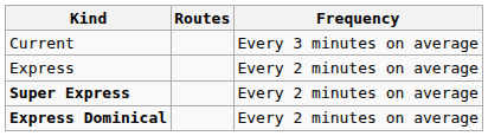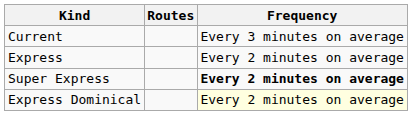 <table class="wikitable" style="margin-left: auto; margin-right: auto; border: none;">
 <tr>
 <th>Kind</th>
 <th>Routes</th>
 <th>Frequency</th>
 </tr>
 <tr>
 <td>Current</td>
 <td>  </td>
 <td>Every 3 minutes on average</td>
 </tr>
 <tr>
 <td>Express</td>
 <td>    </td>
 <td>Every 2 minutes on average</td>
 </tr>
 <tr>
-<td><strong>Super Express</strong></td>
+<td>Super Express</td>
 <td> </td>
-<td>Every 2 minutes on average</td>
+<td><strong>Every 2 minutes on average</strong></td>
 </tr>
 <tr>
-<td><strong>Express Dominical</strong></td>
+<td>Express Dominical</td>
 <td></td>
-<td>Every 2 minutes on average</td>
+<td style="background: lightyellow;">Every 2 minutes on average</td>
 </tr>
 </table>
